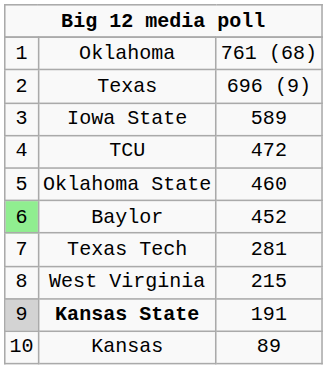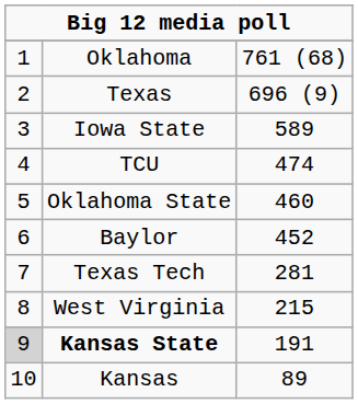 <table class="wikitable" style="display: inline-table;">
 <tr>
 <td align="center" Colspan="3"><strong>Big 12 media poll</strong></td>
 </tr>
 <tr align="center">
 </tr>
 <tr align="center">
 <td>1</td>
 <td>Oklahoma</td>
 <td>761 (68)</td>
 </tr>
 <tr align="center">
 <td>2</td>
 <td>Texas</td>
 <td>696 (9)</td>
 </tr>
 <tr align="center">
 <td>3</td>
 <td>Iowa State</td>
 <td>589</td>
 </tr>
 <tr align="center">
 <td>4</td>
 <td>TCU</td>
-<td>472</td>
+<td>474</td>
 </tr>
 <tr align="center">
 <td>5</td>
 <td>Oklahoma State</td>
 <td>460</td>
 </tr>
 <tr align="center">
-<td style="background: lightgreen;">6</td>
+<td>6</td>
 <td>Baylor</td>
 <td>452</td>
 </tr>
 <tr align="center">
 <td>7</td>
 <td>Texas Tech</td>
 <td>281</td>
 </tr>
 <tr align="center">
 <td>8</td>
 <td>West Virginia</td>
 <td>215</td>
 </tr>
 <tr align="center">
 <td style="background: lightgrey;">9</td>
 <td><strong>Kansas State</strong></td>
 <td>191</td>
 </tr>
 <tr align="center">
 <td>10</td>
 <td>Kansas</td>
 <td>89</td>
 </tr>
 </table>
